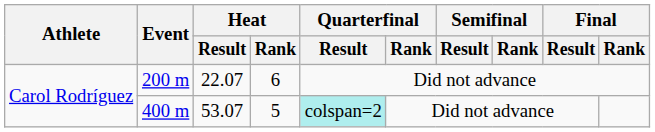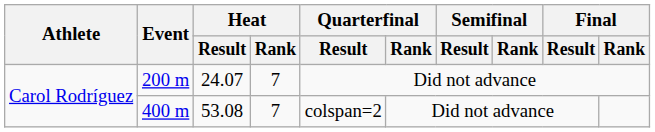 <table class=wikitable style="font-size:90%">
 <tr>
 <th rowspan="2">Athlete</th>
 <th rowspan="2">Event</th>
 <th colspan="2">Heat</th>
 <th colspan="2">Quarterfinal</th>
 <th colspan="2">Semifinal</th>
 <th colspan="2">Final</th>
 </tr>
 <tr style="font-size:95%">
 <th>Result</th>
 <th>Rank</th>
 <th>Result</th>
 <th>Rank</th>
 <th>Result</th>
 <th>Rank</th>
 <th>Result</th>
 <th>Rank</th>
 </tr>
 <tr align=center>
 <td align=left rowspan=2><a href='#'>Carol Rodríguez</a></td>
 <td align=left><a href='#'>200 m</a></td>
-<td>22.07</td>
-<td>6</td>
+<td>24.07</td>
+<td>7</td>
 <td colspan=6>Did not advance</td>
 </tr>
 <tr align=center>
 <td align=left><a href='#'>400 m</a></td>
-<td>53.07</td>
-<td>5</td>
-<td style="background: paleturquoise;">colspan=2 </td>
+<td>53.08</td>
+<td>7</td>
+<td>colspan=2 </td>
 <td colspan=4>Did not advance</td>
 </tr>
 </table>
